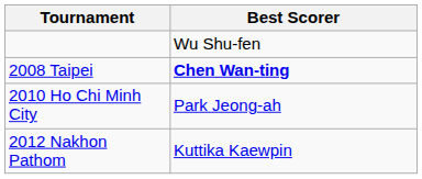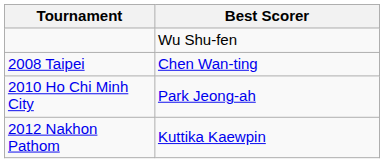 <table class=wikitable style="width: 400px;">
 <tr>
 <th style="width: 40%;">Tournament</th>
 <th style="width: 60%;">Best Scorer</th>
 </tr>
 <tr>
 <td></td>
 <td> Wu Shu-fen</td>
 </tr>
 <tr>
 <td><a href='#'>2008 Taipei</a></td>
-<td><strong> <a href='#'>Chen Wan-ting</a></strong></td>
+<td> <a href='#'>Chen Wan-ting</a></td>
 </tr>
 <tr>
 <td><a href='#'>2010 Ho Chi Minh City</a></td>
 <td> <a href='#'>Park Jeong-ah</a></td>
 </tr>
 <tr>
 <td><a href='#'>2012 Nakhon Pathom</a></td>
 <td> <a href='#'>Kuttika Kaewpin</a></td>
 </tr>
 </table>
